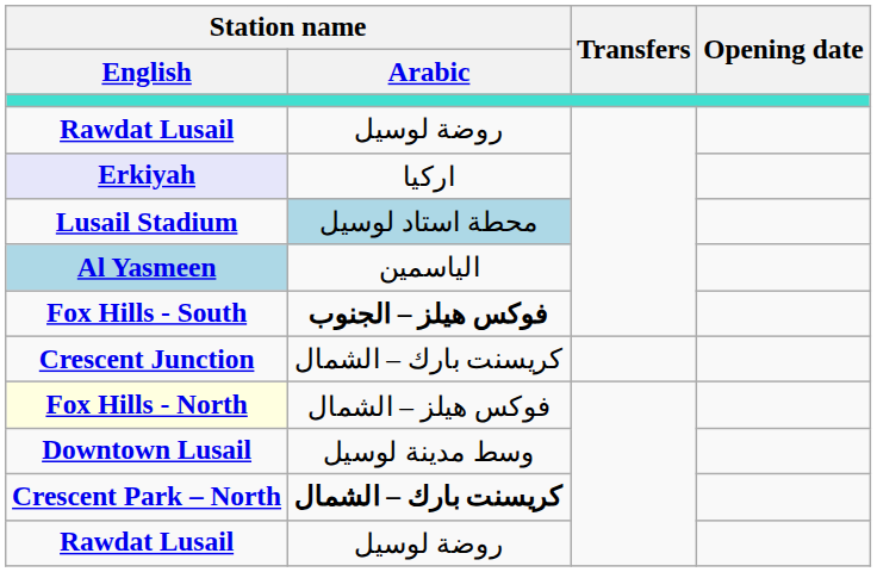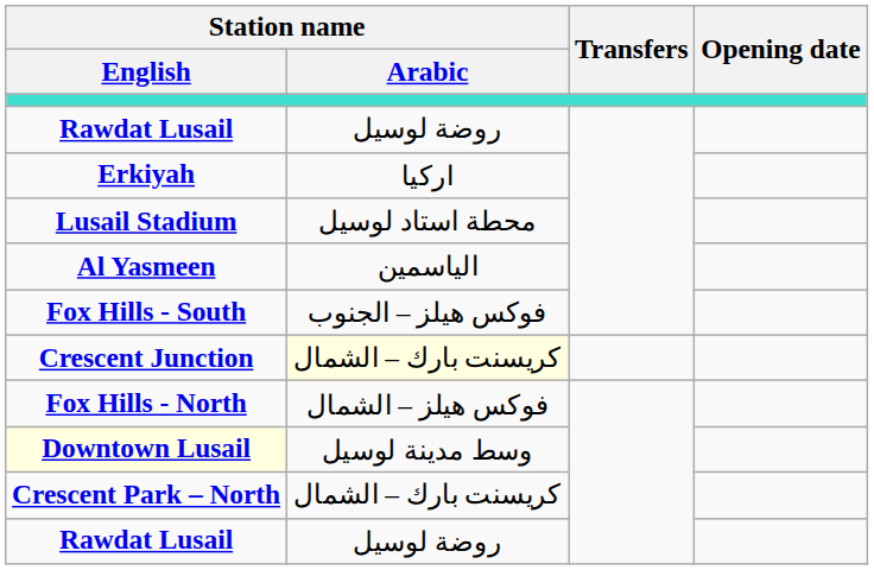 <table class="wikitable"  style="text-align:center;">
 <tr>
 <th colspan="2">Station name</th>
 <th rowspan="2">Transfers</th>
 <th rowspan="2">Opening date</th>
 </tr>
 <tr>
 <th><a href='#'>English</a></th>
 <th><a href='#'>Arabic</a></th>
 </tr>
 <tr style="background:turquoise; height: 2pt">
 <td colspan="10"></td>
 </tr>
 <tr>
 <td><strong><a href='#'>Rawdat Lusail</a></strong></td>
 <td>روضة لوسيل</td>
 <td rowspan="5"></td>
 <td></td>
 </tr>
 <tr>
-<td style="background: lavender;"><strong><a href='#'>Erkiyah</a></strong></td>
+<td><strong><a href='#'>Erkiyah</a></strong></td>
 <td>اركيا</td>
 <td></td>
 </tr>
 <tr>
 <td><strong><a href='#'>Lusail Stadium</a></strong></td>
-<td style="background: lightblue;">محطة استاد لوسيل</td>
+<td>محطة استاد لوسيل</td>
 <td></td>
 </tr>
 <tr>
-<td style="background: lightblue;"><strong><a href='#'>Al Yasmeen</a></strong></td>
+<td><strong><a href='#'>Al Yasmeen</a></strong></td>
 <td>الياسمين</td>
 <td></td>
 </tr>
 <tr>
 <td><strong><a href='#'>Fox Hills - South</a></strong></td>
-<td><strong>فوكس هيلز – الجنوب</strong></td>
+<td>فوكس هيلز – الجنوب</td>
 <td></td>
 </tr>
 <tr>
 <td><strong><a href='#'>Crescent Junction</a></strong></td>
-<td>كريسنت بارك – الشمال</td>
+<td style="background: lightyellow;">كريسنت بارك – الشمال</td>
 <td></td>
 <td></td>
 </tr>
 <tr>
-<td style="background: lightyellow;"><strong><a href='#'>Fox Hills - North</a></strong></td>
+<td><strong><a href='#'>Fox Hills - North</a></strong></td>
 <td>فوكس هيلز – الشمال</td>
 <td rowspan="4"></td>
 <td></td>
 </tr>
 <tr>
-<td><a href='#'><strong>Downtown Lusail</strong></a></td>
+<td style="background: lightyellow;"><a href='#'><strong>Downtown Lusail</strong></a></td>
 <td>وسط مدينة لوسيل</td>
 <td></td>
 </tr>
 <tr>
 <td><a href='#'><strong>Crescent Park – North</strong></a></td>
-<td><strong>كريسنت بارك – الشمال</strong></td>
+<td>كريسنت بارك – الشمال</td>
 <td></td>
 </tr>
 <tr>
 <td><a href='#'><strong>Rawdat Lusail</strong></a></td>
 <td>روضة لوسيل</td>
 <td></td>
 </tr>
 </table>
